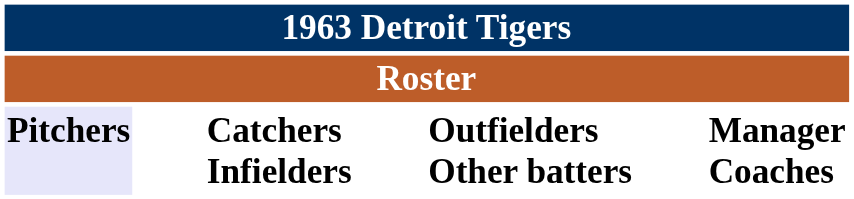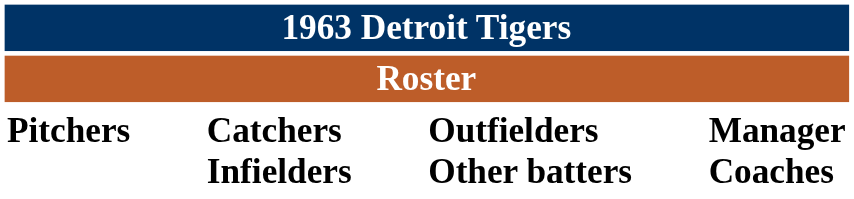 <table class="toccolours" style="font-size: 95%;">
 <tr>
 <th colspan="10" style="background-color: #003366; color: white; text-align: center;">1963 Detroit Tigers</th>
 </tr>
 <tr>
 <td colspan="10" style="background-color: #bd5d29; color: white; text-align: center;"><strong>Roster</strong></td>
 </tr>
 <tr>
-<td valign="top" style="background: lavender;"><strong>Pitchers</strong><br>                 </td>
+<td valign="top"><strong>Pitchers</strong><br>                 </td>
 <td width="25px"></td>
 <td valign="top"><strong>Catchers</strong><br>    <strong>Infielders</strong>          </td>
 <td width="25px"></td>
 <td valign="top"><strong>Outfielders</strong><br>       <strong>Other batters</strong>  </td>
 <td width="25px"></td>
 <td valign="top"><strong>Manager</strong><br>  <strong>Coaches</strong>       </td>
 </tr>
 <tr>
 </tr>
 </table>
